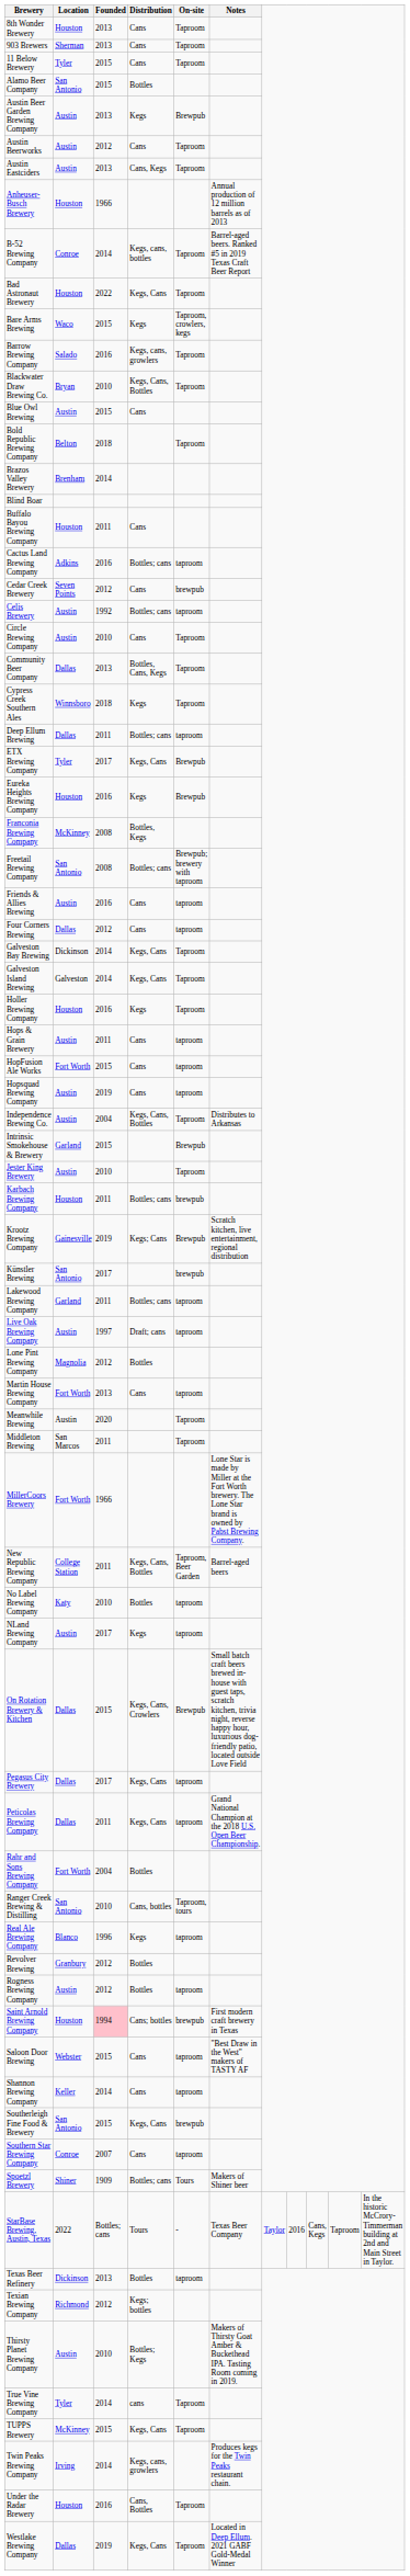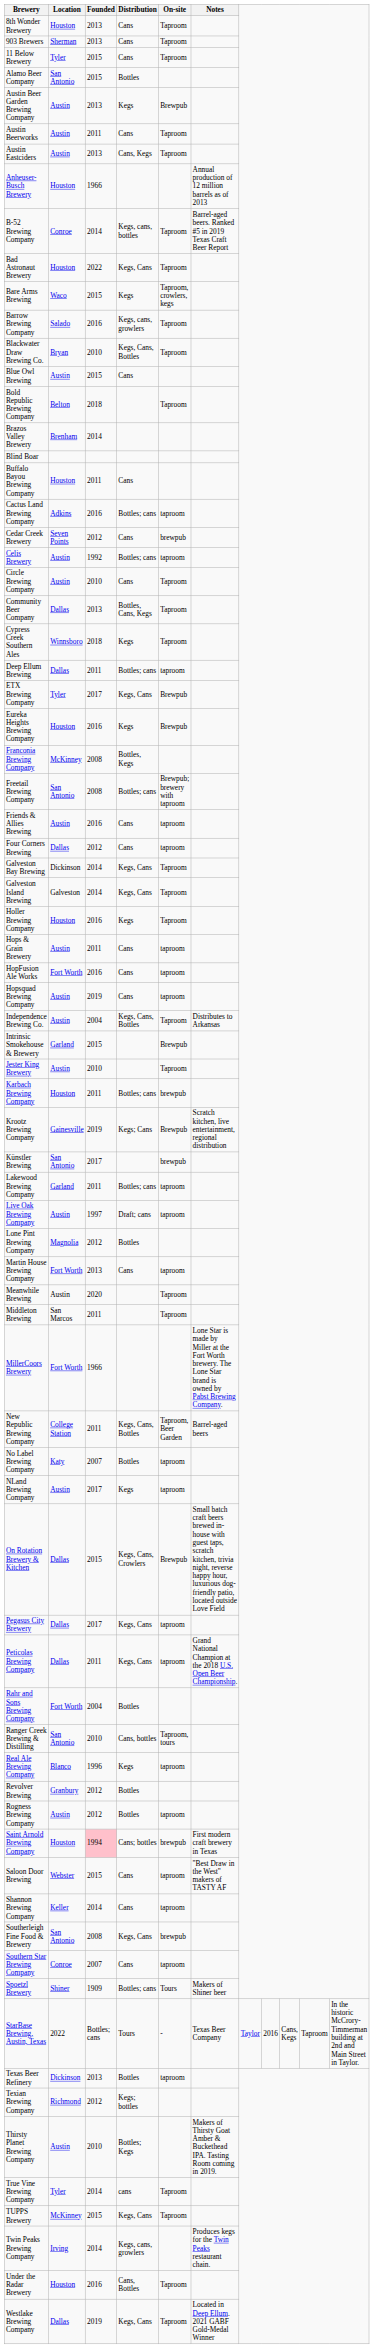 <table class="wikitable sortable">
 <tr>
 <th>Brewery</th>
 <th>Location</th>
 <th>Founded</th>
 <th>Distribution</th>
 <th>On-site</th>
 <th>Notes</th>
 </tr>
 <tr>
 <td>8th Wonder Brewery</td>
 <td><a href='#'>Houston</a></td>
 <td>2013</td>
 <td>Cans</td>
 <td>Taproom</td>
 <td></td>
 </tr>
 <tr>
 <td>903 Brewers</td>
 <td><a href='#'>Sherman</a></td>
 <td>2013</td>
 <td>Cans</td>
 <td>Taproom</td>
 <td></td>
 </tr>
 <tr>
 <td>11 Below Brewery</td>
 <td><a href='#'>Tyler</a></td>
 <td>2015</td>
 <td>Cans</td>
 <td>Taproom</td>
 <td></td>
 </tr>
 <tr>
 <td>Alamo Beer Company</td>
 <td><a href='#'>San Antonio</a></td>
 <td>2015</td>
 <td>Bottles</td>
 <td></td>
 <td></td>
 </tr>
 <tr>
 <td>Austin Beer Garden Brewing Company</td>
 <td><a href='#'>Austin</a></td>
 <td>2013</td>
 <td>Kegs</td>
 <td>Brewpub</td>
 <td></td>
 </tr>
 <tr>
 <td>Austin Beerworks</td>
 <td><a href='#'>Austin</a></td>
-<td>2012</td>
+<td>2011</td>
 <td>Cans</td>
 <td>Taproom</td>
 <td></td>
 </tr>
 <tr>
 <td>Austin Eastciders</td>
 <td><a href='#'>Austin</a></td>
 <td>2013</td>
 <td>Cans, Kegs</td>
 <td>Taproom</td>
 <td></td>
 </tr>
 <tr>
 <td><a href='#'>Anheuser-Busch Brewery</a></td>
 <td><a href='#'>Houston</a></td>
 <td>1966</td>
 <td></td>
 <td></td>
 <td>Annual production of 12 million barrels as of 2013</td>
 </tr>
 <tr>
 <td>B-52 Brewing Company</td>
 <td><a href='#'>Conroe</a></td>
 <td>2014</td>
 <td>Kegs, cans, bottles</td>
 <td>Taproom</td>
 <td>Barrel-aged beers. Ranked #5 in 2019 Texas Craft Beer Report</td>
 </tr>
 <tr>
 <td>Bad Astronaut Brewery</td>
 <td><a href='#'>Houston</a></td>
 <td>2022</td>
 <td>Kegs, Cans</td>
 <td>Taproom</td>
 <td></td>
 </tr>
 <tr>
 <td>Bare Arms Brewing</td>
 <td><a href='#'>Waco</a></td>
 <td>2015</td>
 <td>Kegs</td>
 <td>Taproom, crowlers, kegs</td>
 <td></td>
 </tr>
 <tr>
 <td>Barrow Brewing Company</td>
 <td><a href='#'>Salado</a></td>
 <td>2016</td>
 <td>Kegs, cans, growlers</td>
 <td>Taproom</td>
 <td></td>
 </tr>
 <tr>
 <td>Blackwater Draw Brewing Co.</td>
 <td><a href='#'>Bryan</a></td>
 <td>2010</td>
 <td>Kegs, Cans, Bottles</td>
 <td>Taproom</td>
 <td></td>
 </tr>
 <tr>
 <td>Blue Owl Brewing</td>
 <td><a href='#'>Austin</a></td>
 <td>2015</td>
 <td>Cans</td>
 <td></td>
 <td></td>
 </tr>
 <tr>
 <td>Bold Republic Brewing Company</td>
 <td><a href='#'>Belton</a></td>
 <td>2018</td>
 <td></td>
 <td>Taproom</td>
 <td></td>
 </tr>
 <tr>
 <td>Brazos Valley Brewery</td>
 <td><a href='#'>Brenham</a></td>
 <td>2014</td>
 <td></td>
 <td></td>
 <td></td>
 </tr>
 <tr>
 <td>Blind Boar</td>
 <td></td>
 <td></td>
 <td></td>
 <td></td>
 <td></td>
 </tr>
 <tr>
 <td>Buffalo Bayou Brewing Company</td>
 <td><a href='#'>Houston</a></td>
 <td>2011</td>
 <td>Cans</td>
 <td></td>
 <td></td>
 </tr>
 <tr>
 <td>Cactus Land Brewing Company</td>
 <td><a href='#'>Adkins</a></td>
 <td>2016</td>
 <td>Bottles; cans</td>
 <td>taproom</td>
 <td></td>
 </tr>
 <tr>
 <td>Cedar Creek Brewery</td>
 <td><a href='#'>Seven Points</a></td>
 <td>2012</td>
 <td>Cans</td>
 <td>brewpub</td>
 <td></td>
 </tr>
 <tr>
 <td><a href='#'>Celis Brewery</a></td>
 <td><a href='#'>Austin</a></td>
 <td>1992</td>
 <td>Bottles; cans</td>
 <td>taproom</td>
 <td></td>
 </tr>
 <tr>
 <td>Circle Brewing Company</td>
 <td><a href='#'>Austin</a></td>
 <td>2010</td>
 <td>Cans</td>
 <td>Taproom</td>
 <td></td>
 </tr>
 <tr>
 <td>Community Beer Company</td>
 <td><a href='#'>Dallas</a></td>
 <td>2013</td>
 <td>Bottles, Cans, Kegs</td>
 <td>Taproom</td>
 <td></td>
 </tr>
 <tr>
 <td>Cypress Creek Southern Ales</td>
 <td><a href='#'>Winnsboro</a></td>
 <td>2018</td>
 <td>Kegs</td>
 <td>Taproom</td>
 <td></td>
 </tr>
 <tr>
 <td>Deep Ellum Brewing</td>
 <td><a href='#'>Dallas</a></td>
 <td>2011</td>
 <td>Bottles; cans</td>
 <td>taproom</td>
 <td></td>
 </tr>
 <tr>
 <td>ETX Brewing Company</td>
 <td><a href='#'>Tyler</a></td>
 <td>2017</td>
 <td>Kegs, Cans</td>
 <td>Brewpub</td>
 <td></td>
 </tr>
 <tr>
 <td>Eureka Heights Brewing Company</td>
 <td><a href='#'>Houston</a></td>
 <td>2016</td>
 <td>Kegs</td>
 <td>Brewpub</td>
 <td></td>
 </tr>
 <tr>
 <td><a href='#'>Franconia Brewing Company</a></td>
 <td><a href='#'>McKinney</a></td>
 <td>2008</td>
 <td>Bottles, Kegs</td>
 <td></td>
 <td></td>
 </tr>
 <tr>
 <td>Freetail Brewing Company</td>
 <td><a href='#'>San Antonio</a></td>
 <td>2008</td>
 <td>Bottles; cans</td>
 <td>Brewpub; brewery with taproom</td>
 <td></td>
 </tr>
 <tr>
 <td>Friends & Allies Brewing</td>
 <td><a href='#'>Austin</a></td>
 <td>2016</td>
 <td>Cans</td>
 <td>taproom</td>
 <td></td>
 </tr>
 <tr>
 <td>Four Corners Brewing</td>
 <td><a href='#'>Dallas</a></td>
 <td>2012</td>
 <td>Cans</td>
 <td>taproom</td>
 <td></td>
 </tr>
 <tr>
 <td>Galveston Bay Brewing</td>
 <td>Dickinson</td>
 <td>2014</td>
 <td>Kegs, Cans</td>
 <td>Taproom</td>
 <td></td>
 </tr>
 <tr>
 <td>Galveston Island Brewing</td>
 <td>Galveston</td>
 <td>2014</td>
 <td>Kegs, Cans</td>
 <td>Taproom</td>
 <td></td>
 </tr>
 <tr>
 <td>Holler Brewing Company</td>
 <td><a href='#'>Houston</a></td>
 <td>2016</td>
 <td>Kegs</td>
 <td>Taproom</td>
 <td></td>
 </tr>
 <tr>
 <td>Hops & Grain Brewery</td>
 <td><a href='#'>Austin</a></td>
 <td>2011</td>
 <td>Cans</td>
 <td>taproom</td>
 <td></td>
 </tr>
 <tr>
 <td>HopFusion Ale Works</td>
 <td><a href='#'>Fort Worth</a></td>
-<td>2015</td>
+<td>2016</td>
 <td>Cans</td>
 <td>taproom</td>
 <td></td>
 </tr>
 <tr>
 <td>Hopsquad Brewing Company</td>
 <td><a href='#'>Austin</a></td>
 <td>2019</td>
 <td>Cans</td>
 <td>taproom</td>
 <td></td>
 </tr>
 <tr>
 <td>Independence Brewing Co.</td>
 <td><a href='#'>Austin</a></td>
 <td>2004</td>
 <td>Kegs, Cans, Bottles</td>
 <td>Taproom</td>
 <td>Distributes to Arkansas</td>
 </tr>
 <tr>
 <td>Intrinsic Smokehouse & Brewery</td>
 <td><a href='#'>Garland</a></td>
 <td>2015</td>
 <td></td>
 <td>Brewpub</td>
 <td></td>
 </tr>
 <tr>
 <td><a href='#'>Jester King Brewery</a></td>
 <td><a href='#'>Austin</a></td>
 <td>2010</td>
 <td></td>
 <td>Taproom</td>
 <td></td>
 </tr>
 <tr>
 <td><a href='#'>Karbach Brewing Company</a></td>
 <td><a href='#'>Houston</a></td>
 <td>2011</td>
 <td>Bottles; cans</td>
 <td>brewpub</td>
 <td></td>
 </tr>
 <tr>
 <td>Krootz Brewing Company</td>
 <td><a href='#'>Gainesville</a></td>
 <td>2019</td>
 <td>Kegs; Cans</td>
 <td>Brewpub</td>
 <td>Scratch kitchen, live entertainment, regional distribution</td>
 </tr>
 <tr>
 <td>Künstler Brewing</td>
 <td><a href='#'>San Antonio</a></td>
 <td>2017</td>
 <td></td>
 <td>brewpub</td>
 <td></td>
 </tr>
 <tr>
 <td>Lakewood Brewing Company</td>
 <td><a href='#'>Garland</a></td>
 <td>2011</td>
 <td>Bottles; cans</td>
 <td>taproom</td>
 <td></td>
 </tr>
 <tr>
 <td><a href='#'>Live Oak Brewing Company</a></td>
 <td><a href='#'>Austin</a></td>
 <td>1997</td>
 <td>Draft; cans</td>
 <td>taproom</td>
 <td></td>
 </tr>
 <tr>
 <td>Lone Pint Brewing Company</td>
 <td><a href='#'>Magnolia</a></td>
 <td>2012</td>
 <td>Bottles</td>
 <td></td>
 <td></td>
 </tr>
 <tr>
 <td>Martin House Brewing Company</td>
 <td><a href='#'>Fort Worth</a></td>
 <td>2013</td>
 <td>Cans</td>
 <td>taproom</td>
 <td></td>
 </tr>
 <tr>
 <td>Meanwhile Brewing</td>
 <td>Austin</td>
 <td>2020</td>
 <td></td>
 <td>Taproom</td>
 <td></td>
 </tr>
 <tr>
 <td>Middleton Brewing</td>
 <td>San Marcos</td>
 <td>2011</td>
 <td></td>
 <td>Taproom</td>
 <td></td>
 </tr>
 <tr>
 <td><a href='#'>MillerCoors Brewery</a></td>
 <td><a href='#'>Fort Worth</a></td>
 <td>1966</td>
 <td></td>
 <td></td>
 <td>Lone Star is made by Miller at the Fort Worth brewery. The Lone Star brand is owned by <a href='#'>Pabst Brewing Company</a>.</td>
 </tr>
 <tr>
 <td>New Republic Brewing Company</td>
 <td><a href='#'>College Station</a></td>
 <td>2011</td>
 <td>Kegs, Cans, Bottles</td>
 <td>Taproom, Beer Garden</td>
 <td>Barrel-aged beers</td>
 </tr>
 <tr>
 <td>No Label Brewing Company</td>
 <td><a href='#'>Katy</a></td>
-<td>2010</td>
+<td>2007</td>
 <td>Bottles</td>
 <td>taproom</td>
 <td></td>
 </tr>
 <tr>
 <td>NLand Brewing Company</td>
 <td><a href='#'>Austin</a></td>
 <td>2017</td>
 <td>Kegs</td>
 <td>taproom</td>
 <td></td>
 </tr>
 <tr>
 <td><a href='#'>On Rotation Brewery & Kitchen</a></td>
 <td><a href='#'>Dallas</a></td>
 <td>2015</td>
 <td>Kegs, Cans, Crowlers</td>
 <td>Brewpub</td>
 <td>Small batch craft beers brewed in-house with guest taps, scratch kitchen, trivia night, reverse happy hour, luxurious dog-friendly patio, located outside Love Field</td>
 </tr>
 <tr>
 <td><a href='#'>Pegasus City Brewery</a></td>
 <td><a href='#'>Dallas</a></td>
 <td>2017</td>
 <td>Kegs, Cans</td>
 <td>taproom</td>
 <td></td>
 </tr>
 <tr>
 <td><a href='#'>Peticolas Brewing Company</a></td>
 <td><a href='#'>Dallas</a></td>
 <td>2011</td>
 <td>Kegs, Cans</td>
 <td>taproom</td>
 <td>Grand National Champion at the 2018 <a href='#'>U.S. Open Beer Championship</a>.</td>
 </tr>
 <tr>
 <td><a href='#'>Rahr and Sons Brewing Company</a></td>
 <td><a href='#'>Fort Worth</a></td>
 <td>2004</td>
 <td>Bottles</td>
 <td></td>
 <td></td>
 </tr>
 <tr>
 <td>Ranger Creek Brewing & Distilling</td>
 <td><a href='#'>San Antonio</a></td>
 <td>2010</td>
 <td>Cans, bottles</td>
 <td>Taproom, tours</td>
 <td></td>
 </tr>
 <tr>
 <td><a href='#'>Real Ale Brewing Company</a></td>
 <td><a href='#'>Blanco</a></td>
 <td>1996</td>
 <td>Kegs</td>
 <td>taproom</td>
 <td></td>
 </tr>
 <tr>
 <td>Revolver Brewing</td>
 <td><a href='#'>Granbury</a></td>
 <td>2012</td>
 <td>Bottles</td>
 <td></td>
 <td></td>
 </tr>
 <tr>
 <td>Rogness Brewing Company</td>
 <td><a href='#'>Austin</a></td>
 <td>2012</td>
 <td>Bottles</td>
 <td>taproom</td>
 <td></td>
 </tr>
 <tr>
 <td><a href='#'>Saint Arnold Brewing Company</a></td>
 <td><a href='#'>Houston</a></td>
 <td style="background: pink;">1994</td>
 <td>Cans; bottles</td>
 <td>brewpub</td>
 <td>First modern craft brewery in Texas</td>
 </tr>
 <tr>
 <td>Saloon Door Brewing </td>
 <td><a href='#'>Webster</a></td>
 <td>2015</td>
 <td>Cans</td>
 <td>taproom</td>
 <td>"Best Draw in the West" makers of TASTY AF</td>
 </tr>
 <tr>
 <td>Shannon Brewing Company</td>
 <td><a href='#'>Keller</a></td>
 <td>2014</td>
 <td>Cans</td>
 <td>taproom</td>
 <td></td>
 </tr>
 <tr>
 <td>Southerleigh Fine Food & Brewery</td>
 <td><a href='#'>San Antonio</a></td>
-<td>2015</td>
+<td>2008</td>
 <td>Kegs, Cans</td>
 <td>brewpub</td>
 <td></td>
 </tr>
 <tr>
 <td><a href='#'>Southern Star Brewing Company</a></td>
 <td><a href='#'>Conroe</a></td>
 <td>2007</td>
 <td>Cans</td>
 <td>taproom</td>
 <td></td>
 </tr>
 <tr>
 <td><a href='#'>Spoetzl Brewery</a></td>
 <td><a href='#'>Shiner</a></td>
 <td>1909</td>
 <td>Bottles; cans</td>
 <td>Tours</td>
 <td>Makers of Shiner beer</td>
 </tr>
 <tr>
 <td><a href='#'>StarBase Brewing, Austin, Texas</a></td>
 <td>2022</td>
 <td>Bottles; cans</td>
 <td>Tours</td>
 <td Makers of StarHopped Hazy India Pale Ale>-</td>
 <td>Texas Beer Company </td>
 <td><a href='#'>Taylor</a></td>
 <td>2016</td>
 <td>Cans, Kegs</td>
 <td>Taproom</td>
 <td>In the historic McCrory-Timmerman building at 2nd and Main Street in Taylor.</td>
 </tr>
 <tr>
 <td>Texas Beer Refinery</td>
 <td><a href='#'>Dickinson</a></td>
 <td>2013</td>
 <td>Bottles</td>
 <td>taproom</td>
 <td></td>
 </tr>
 <tr>
 <td>Texian Brewing Company</td>
 <td><a href='#'>Richmond</a></td>
 <td>2012</td>
 <td>Kegs; bottles</td>
 <td></td>
 <td></td>
 </tr>
 <tr>
 <td>Thirsty Planet Brewing Company</td>
 <td><a href='#'>Austin</a></td>
 <td>2010</td>
 <td>Bottles; Kegs</td>
 <td></td>
 <td>Makers of Thirsty Goat Amber & Buckethead IPA. Tasting Room coming in 2019.</td>
 </tr>
 <tr>
 <td>True Vine Brewing Company</td>
 <td><a href='#'>Tyler</a></td>
 <td>2014</td>
 <td>cans</td>
 <td>Taproom</td>
 <td></td>
 </tr>
 <tr>
 <td>TUPPS Brewery</td>
 <td><a href='#'>McKinney</a></td>
 <td>2015</td>
 <td>Kegs, Cans</td>
 <td>Taproom</td>
 <td></td>
 </tr>
 <tr>
 <td>Twin Peaks Brewing Company</td>
 <td><a href='#'>Irving</a></td>
 <td>2014</td>
 <td>Kegs, cans, growlers</td>
 <td></td>
 <td>Produces kegs for the <a href='#'>Twin Peaks</a> restaurant chain.</td>
 </tr>
 <tr>
 <td>Under the Radar Brewery</td>
 <td><a href='#'>Houston</a></td>
 <td>2016</td>
 <td>Cans, Bottles</td>
 <td>Taproom</td>
 <td></td>
 </tr>
 <tr>
 <td>Westlake Brewing Company</td>
 <td><a href='#'>Dallas</a></td>
 <td>2019</td>
 <td>Kegs, Cans</td>
 <td>Taproom</td>
 <td>Located in <a href='#'>Deep Ellum</a>. 2021 GABF Gold-Medal Winner</td>
 </tr>
 </table>
